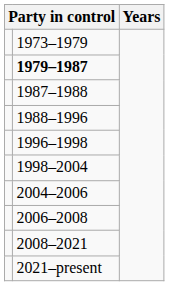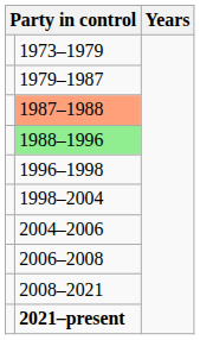 <table class="wikitable">
 <tr>
 <th colspan=2>Party in control</th>
 <th>Years</th>
 </tr>
 <tr>
 <td></td>
 <td>1973–1979</td>
 </tr>
 <tr>
 <td></td>
-<td><strong>1979–1987</strong></td>
+<td>1979–1987</td>
 </tr>
 <tr>
 <td></td>
-<td>1987–1988</td>
+<td style="background: lightsalmon;">1987–1988</td>
 </tr>
 <tr>
 <td></td>
-<td>1988–1996</td>
+<td style="background: lightgreen;">1988–1996</td>
 </tr>
 <tr>
 <td></td>
 <td>1996–1998</td>
 </tr>
 <tr>
 <td></td>
 <td>1998–2004</td>
 </tr>
 <tr>
 <td></td>
 <td>2004–2006</td>
 </tr>
 <tr>
 <td></td>
 <td>2006–2008</td>
 </tr>
 <tr>
 <td></td>
 <td>2008–2021</td>
 </tr>
 <tr>
 <td></td>
-<td>2021–present</td>
+<td><strong>2021–present</strong></td>
 </tr>
 </table>
